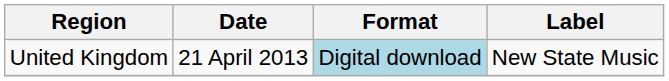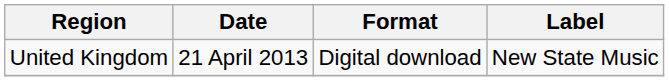 <table class="wikitable plainrowheaders">
 <tr>
 <th>Region</th>
 <th>Date</th>
 <th>Format</th>
 <th>Label</th>
 </tr>
 <tr>
 <td>United Kingdom</td>
 <td>21 April 2013</td>
-<td style="background: lightblue;">Digital download</td>
+<td>Digital download</td>
 <td>New State Music</td>
 </tr>
 <tr>
 </tr>
 </table>
